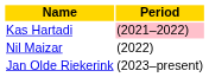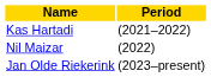 <table class="toccolours">
 <tr>
 <th bgcolor=gold>Name</th>
 <th bgcolor=gold>Period</th>
 </tr>
 <tr>
 <td> <a href='#'>Kas Hartadi</a></td>
-<td style="background: pink;">(2021–2022)</td>
+<td>(2021–2022)</td>
 </tr>
 <tr>
 <td> <a href='#'>Nil Maizar</a></td>
 <td>(2022)</td>
 </tr>
 <tr>
 <td> <a href='#'>Jan Olde Riekerink</a></td>
 <td>(2023–present)</td>
 </tr>
 </table>
